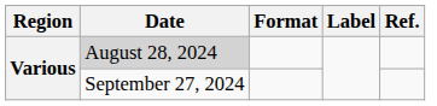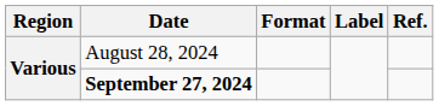 <table class="wikitable sortable plainrowheaders">
 <tr>
 <th scope="col">Region</th>
 <th>Date</th>
 <th>Format</th>
 <th>Label</th>
 <th>Ref.</th>
 </tr>
 <tr>
 <th rowspan="2" scope="row">Various</th>
-<td style="background: lightgrey;">August 28, 2024</td>
+<td>August 28, 2024</td>
 <td></td>
 <td rowspan="2"></td>
 <td align="center"></td>
 </tr>
 <tr>
-<td>September 27, 2024</td>
+<td><strong>September 27, 2024</strong></td>
 <td></td>
 <td align="center"></td>
 </tr>
 </table>
